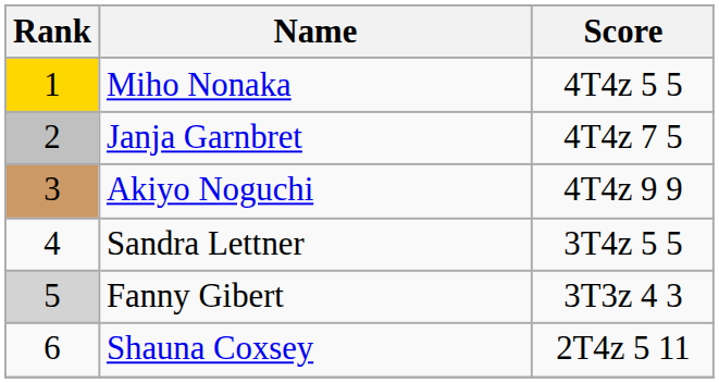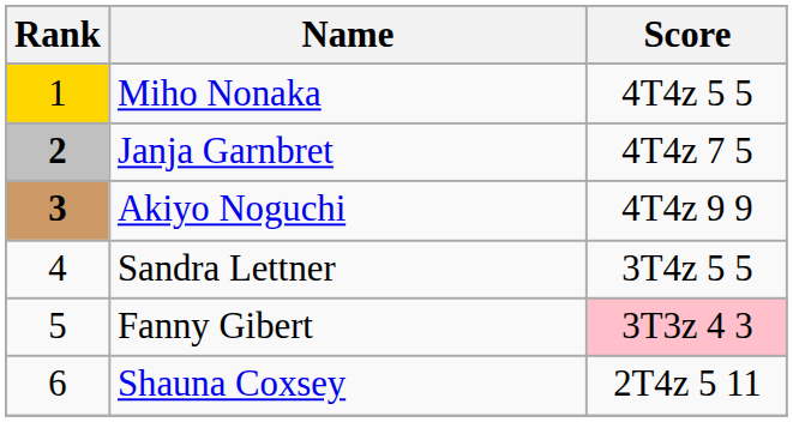 <table class="wikitable">
 <tr>
 <th>Rank</th>
 <th width = "200">Name</th>
 <th width = "80">Score</th>
 </tr>
 <tr>
 <td align="center" style="background: gold">1</td>
 <td> <a href='#'>Miho Nonaka</a></td>
 <td align="center">4T4z 5 5</td>
 </tr>
 <tr>
-<td align="center" style="background: silver">2</td>
+<td align="center" style="background: silver"><strong>2</strong></td>
 <td> <a href='#'>Janja Garnbret</a></td>
 <td align="center">4T4z 7 5</td>
 </tr>
 <tr>
-<td align="center" style="background: #cc9966">3</td>
+<td align="center" style="background: #cc9966"><strong>3</strong></td>
 <td> <a href='#'>Akiyo Noguchi</a></td>
 <td align="center">4T4z 9 9</td>
 </tr>
 <tr>
 <td align="center">4</td>
 <td> Sandra Lettner</td>
 <td align="center">3T4z 5 5</td>
 </tr>
 <tr>
-<td align="center" style="background: lightgrey;">5</td>
+<td align="center">5</td>
 <td> Fanny Gibert</td>
-<td align="center">3T3z 4 3</td>
+<td align="center" style="background: pink;">3T3z 4 3</td>
 </tr>
 <tr>
 <td align="center">6</td>
 <td> <a href='#'>Shauna Coxsey</a></td>
 <td align="center">2T4z 5 11</td>
 </tr>
 <tr>
 </tr>
 </table>
